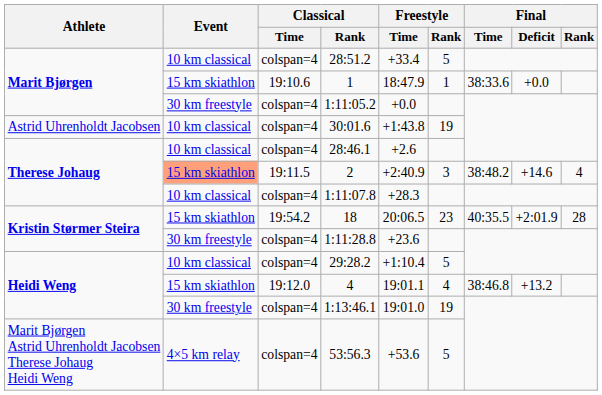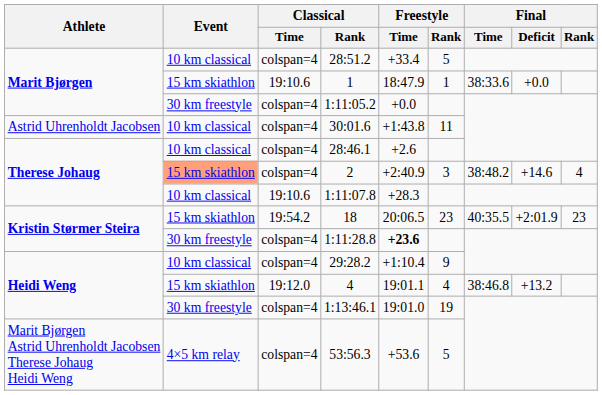 <table class="wikitable" style="font-size:90%">
 <tr>
 <th rowspan=2>Athlete</th>
 <th rowspan=2>Event</th>
 <th colspan=2>Classical</th>
 <th colspan=2>Freestyle</th>
 <th colspan=3>Final</th>
 </tr>
 <tr style="font-size: 95%">
 <th>Time</th>
 <th>Rank</th>
 <th>Time</th>
 <th>Rank</th>
 <th>Time</th>
 <th>Deficit</th>
 <th>Rank</th>
 </tr>
 <tr align=center>
 <td align=left rowspan=3><strong><a href='#'>Marit Bjørgen</a></strong></td>
 <td align=left><a href='#'>10 km classical</a></td>
 <td>colspan=4 </td>
 <td>28:51.2</td>
 <td>+33.4</td>
 <td>5</td>
 </tr>
 <tr align=center>
 <td align=left><a href='#'>15 km skiathlon</a></td>
 <td>19:10.6</td>
 <td>1</td>
 <td>18:47.9</td>
 <td>1</td>
 <td>38:33.6</td>
 <td>+0.0</td>
 <td></td>
 </tr>
 <tr align=center>
 <td align=left><a href='#'>30 km freestyle</a></td>
 <td>colspan=4 </td>
 <td>1:11:05.2</td>
 <td>+0.0</td>
 <td></td>
 </tr>
 <tr align=center>
 <td align=left><a href='#'>Astrid Uhrenholdt Jacobsen</a></td>
 <td align=left><a href='#'>10 km classical</a></td>
 <td>colspan=4 </td>
 <td>30:01.6</td>
 <td>+1:43.8</td>
-<td>19</td>
+<td>11</td>
 </tr>
 <tr align=center>
 <td align=left rowspan=3><strong><a href='#'>Therese Johaug</a></strong></td>
 <td align=left><a href='#'>10 km classical</a></td>
 <td>colspan=4 </td>
 <td>28:46.1</td>
 <td>+2.6</td>
 <td></td>
 </tr>
 <tr align=center>
 <td align=left style="background: lightsalmon;"><a href='#'>15 km skiathlon</a></td>
-<td>19:11.5</td>
+<td>colspan=4 </td>
 <td>2</td>
 <td>+2:40.9</td>
 <td>3</td>
 <td>38:48.2</td>
 <td>+14.6</td>
 <td>4</td>
 </tr>
 <tr align=center>
 <td align=left><a href='#'>10 km classical</a></td>
-<td>colspan=4 </td>
+<td>19:10.6</td>
 <td>1:11:07.8</td>
 <td>+28.3</td>
 <td></td>
 </tr>
 <tr align=center>
 <td align=left rowspan=2><strong><a href='#'>Kristin Størmer Steira</a></strong></td>
 <td align=left><a href='#'>15 km skiathlon</a></td>
 <td>19:54.2</td>
 <td>18</td>
 <td>20:06.5</td>
 <td>23</td>
 <td>40:35.5</td>
 <td>+2:01.9</td>
-<td>28</td>
+<td>23</td>
 </tr>
 <tr align=center>
 <td align=left><a href='#'>30 km freestyle</a></td>
 <td>colspan=4 </td>
 <td>1:11:28.8</td>
-<td>+23.6</td>
+<td><strong>+23.6</strong></td>
 <td></td>
 </tr>
 <tr align=center>
 <td align=left rowspan=3><strong><a href='#'>Heidi Weng</a></strong></td>
 <td align=left><a href='#'>10 km classical</a></td>
 <td>colspan=4 </td>
 <td>29:28.2</td>
 <td>+1:10.4</td>
-<td>5</td>
+<td>9</td>
 </tr>
 <tr align=center>
 <td align=left><a href='#'>15 km skiathlon</a></td>
 <td>19:12.0</td>
 <td>4</td>
 <td>19:01.1</td>
 <td>4</td>
 <td>38:46.8</td>
 <td>+13.2</td>
 <td></td>
 </tr>
 <tr align=center>
 <td align=left><a href='#'>30 km freestyle</a></td>
 <td>colspan=4 </td>
 <td>1:13:46.1</td>
 <td>19:01.0</td>
 <td>19</td>
 </tr>
 <tr align=center>
 <td align=left><a href='#'>Marit Bjørgen</a><br><a href='#'>Astrid Uhrenholdt Jacobsen</a><br><a href='#'>Therese Johaug</a><br><a href='#'>Heidi Weng</a></td>
 <td align=left><a href='#'>4×5 km relay</a></td>
 <td>colspan=4 </td>
 <td>53:56.3</td>
 <td>+53.6</td>
 <td>5</td>
 </tr>
 </table>
